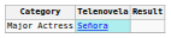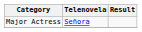 <table class="wikitable" style="font-size: 90%;">
 <tr>
 <th>Category</th>
 <th>Telenovela</th>
 <th>Result</th>
 </tr>
 <tr>
 <td>Major Actress</td>
-<td style="background: paleturquoise;"><a href='#'>Señora</a></td>
+<td><a href='#'>Señora</a></td>
 <td></td>
 </tr>
 <tr>
 </tr>
 </table>
